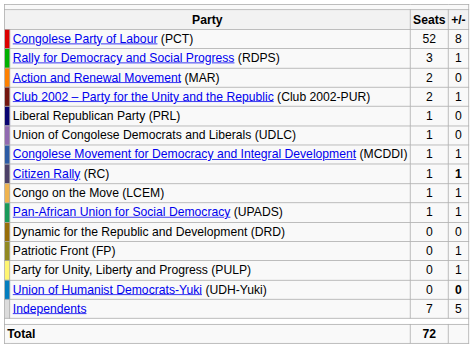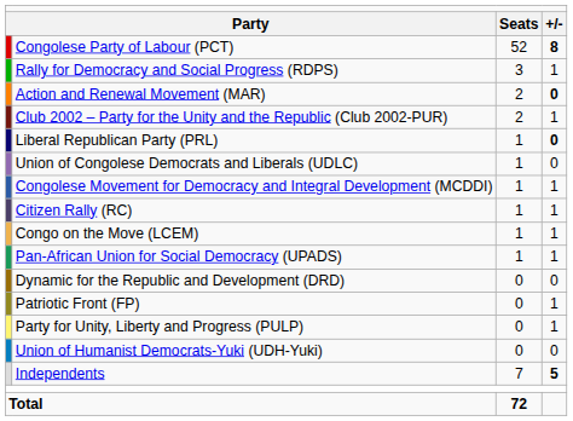 <table class="wikitable centre" style=text-align:center>
 <tr>
 <td colspan=15 align=center></td>
 </tr>
 <tr>
 <th colspan=2>Party</th>
 <th>Seats</th>
 <th>+/-</th>
 </tr>
 <tr>
 <td bgcolor=#dd0000></td>
 <td align=left><a href='#'>Congolese Party of Labour</a> (PCT)</td>
 <td>52</td>
-<td>8</td>
+<td><strong>8</strong></td>
 </tr>
 <tr>
 <td bgcolor=#00B100></td>
 <td align=left><a href='#'>Rally for Democracy and Social Progress</a> (RDPS)</td>
 <td>3</td>
 <td>1</td>
 </tr>
 <tr>
 <td bgcolor=#FE8100></td>
 <td align=left><a href='#'>Action and Renewal Movement</a> (MAR)</td>
 <td>2</td>
-<td>0</td>
+<td><strong>0</strong></td>
 </tr>
 <tr>
 <td bgcolor=#73160F></td>
 <td align=left><a href='#'>Club 2002 – Party for the Unity and the Republic</a> (Club 2002-PUR)</td>
 <td>2</td>
 <td>1</td>
 </tr>
 <tr>
 <td bgcolor=#090371></td>
 <td align=left>Liberal Republican Party  (PRL)</td>
 <td>1</td>
-<td>0</td>
+<td><strong>0</strong></td>
 </tr>
 <tr>
 <td bgcolor=#916AB1></td>
 <td align=left>Union of Congolese Democrats and Liberals (UDLC)</td>
 <td>1</td>
 <td>0</td>
 </tr>
 <tr>
 <td bgcolor=#2C5BA5></td>
 <td align=left><a href='#'>Congolese Movement for Democracy and Integral Development</a> (MCDDI)</td>
 <td>1</td>
 <td>1</td>
 </tr>
 <tr>
 <td bgcolor=#4C4068></td>
 <td align=left><a href='#'>Citizen Rally</a> (RC)</td>
 <td>1</td>
-<td><strong>1</strong></td>
+<td>1</td>
 </tr>
 <tr>
 <td bgcolor=#efb34e></td>
 <td align=left>Congo on the Move (LCEM)</td>
 <td>1</td>
 <td>1</td>
 </tr>
 <tr>
 <td bgcolor=#199A59></td>
 <td align=left><a href='#'>Pan-African Union for Social Democracy</a> (UPADS)</td>
 <td>1</td>
 <td>1</td>
 </tr>
 <tr>
 <td bgcolor=#986E08></td>
 <td align=left>Dynamic for the Republic and Development (DRD)</td>
 <td>0</td>
 <td>0</td>
 </tr>
 <tr>
 <td bgcolor=#928920></td>
 <td align=left>Patriotic Front (FP)</td>
 <td>0</td>
 <td>1</td>
 </tr>
 <tr>
 <td bgcolor=#FFF571></td>
 <td align=left>Party for Unity, Liberty and Progress (PULP)</td>
 <td>0</td>
 <td>1</td>
 </tr>
 <tr>
 <td bgcolor=#047EBF></td>
 <td align=left><a href='#'>Union of Humanist Democrats-Yuki</a> (UDH-Yuki)</td>
 <td>0</td>
-<td><strong>0</strong></td>
+<td>0</td>
 </tr>
 <tr>
 <td bgcolor=#DCDCDC></td>
 <td align=left><a href='#'>Independents</a></td>
 <td>7</td>
-<td>5</td>
+<td><strong>5</strong></td>
 </tr>
 <tr bgcolor=white>
 <td colspan=5></td>
 </tr>
 <tr style=font-weight:bold>
 <td align=left colspan=2>Total</td>
 <td>72</td>
 <td></td>
 </tr>
 </table>
